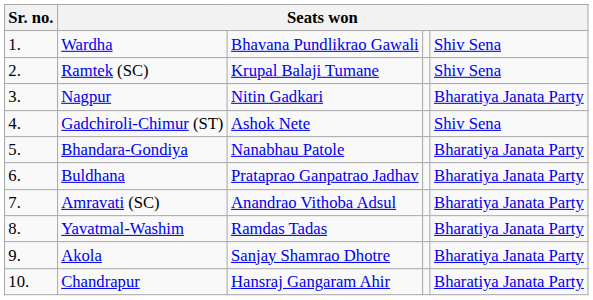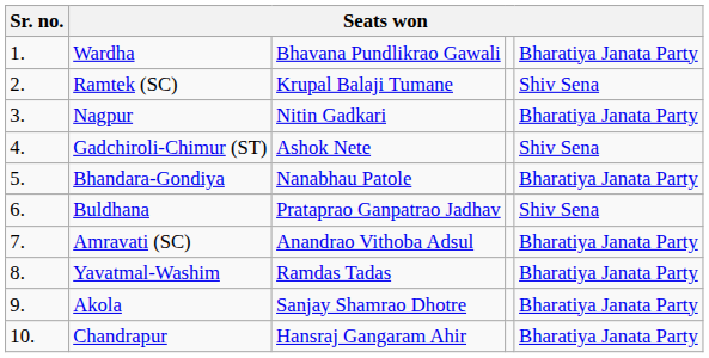 <table class="wikitable">
 <tr>
 <th>Sr. no.</th>
 <th colspan="4">Seats won</th>
 </tr>
 <tr>
 <td>1.</td>
 <td><a href='#'>Wardha</a></td>
 <td><a href='#'>Bhavana Pundlikrao Gawali</a></td>
 <td style="background-color:"></td>
-<td><a href='#'>Shiv Sena</a></td>
+<td><a href='#'>Bharatiya Janata Party</a></td>
 </tr>
 <tr>
 <td>2.</td>
 <td><a href='#'>Ramtek</a> (SC)</td>
 <td><a href='#'>Krupal Balaji Tumane</a></td>
 <td style="background-color: "></td>
 <td><a href='#'>Shiv Sena</a></td>
 </tr>
 <tr>
 <td>3.</td>
 <td><a href='#'>Nagpur</a></td>
 <td><a href='#'>Nitin Gadkari</a></td>
 <td style="background-color:"></td>
 <td><a href='#'>Bharatiya Janata Party</a></td>
 </tr>
 <tr>
 <td>4.</td>
 <td><a href='#'>Gadchiroli-Chimur</a> (ST)</td>
 <td><a href='#'>Ashok Nete</a></td>
 <td style="background-color:"></td>
 <td><a href='#'>Shiv Sena</a></td>
 </tr>
 <tr>
 <td>5.</td>
 <td><a href='#'>Bhandara-Gondiya</a></td>
 <td><a href='#'>Nanabhau Patole</a></td>
 <td style="background-color:"></td>
 <td><a href='#'>Bharatiya Janata Party</a></td>
 </tr>
 <tr>
 <td>6.</td>
 <td><a href='#'>Buldhana</a></td>
 <td><a href='#'>Prataprao Ganpatrao Jadhav</a></td>
 <td style="background-color: "></td>
-<td><a href='#'>Bharatiya Janata Party</a></td>
+<td><a href='#'>Shiv Sena</a></td>
 </tr>
 <tr>
 <td>7.</td>
 <td><a href='#'>Amravati</a> (SC)</td>
 <td><a href='#'>Anandrao Vithoba Adsul</a></td>
 <td style="background-color: "></td>
 <td><a href='#'>Bharatiya Janata Party</a></td>
 </tr>
 <tr>
 <td>8.</td>
 <td><a href='#'>Yavatmal-Washim</a></td>
 <td><a href='#'>Ramdas Tadas</a></td>
 <td style="background-color: "></td>
 <td><a href='#'>Bharatiya Janata Party</a></td>
 </tr>
 <tr>
 <td>9.</td>
 <td><a href='#'>Akola</a></td>
 <td><a href='#'>Sanjay Shamrao Dhotre</a></td>
 <td style="background-color:"></td>
 <td><a href='#'>Bharatiya Janata Party</a></td>
 </tr>
 <tr>
 <td>10.</td>
 <td><a href='#'>Chandrapur</a></td>
 <td><a href='#'>Hansraj Gangaram Ahir</a></td>
 <td style="background-color:"></td>
 <td><a href='#'>Bharatiya Janata Party</a></td>
 </tr>
 </table>
